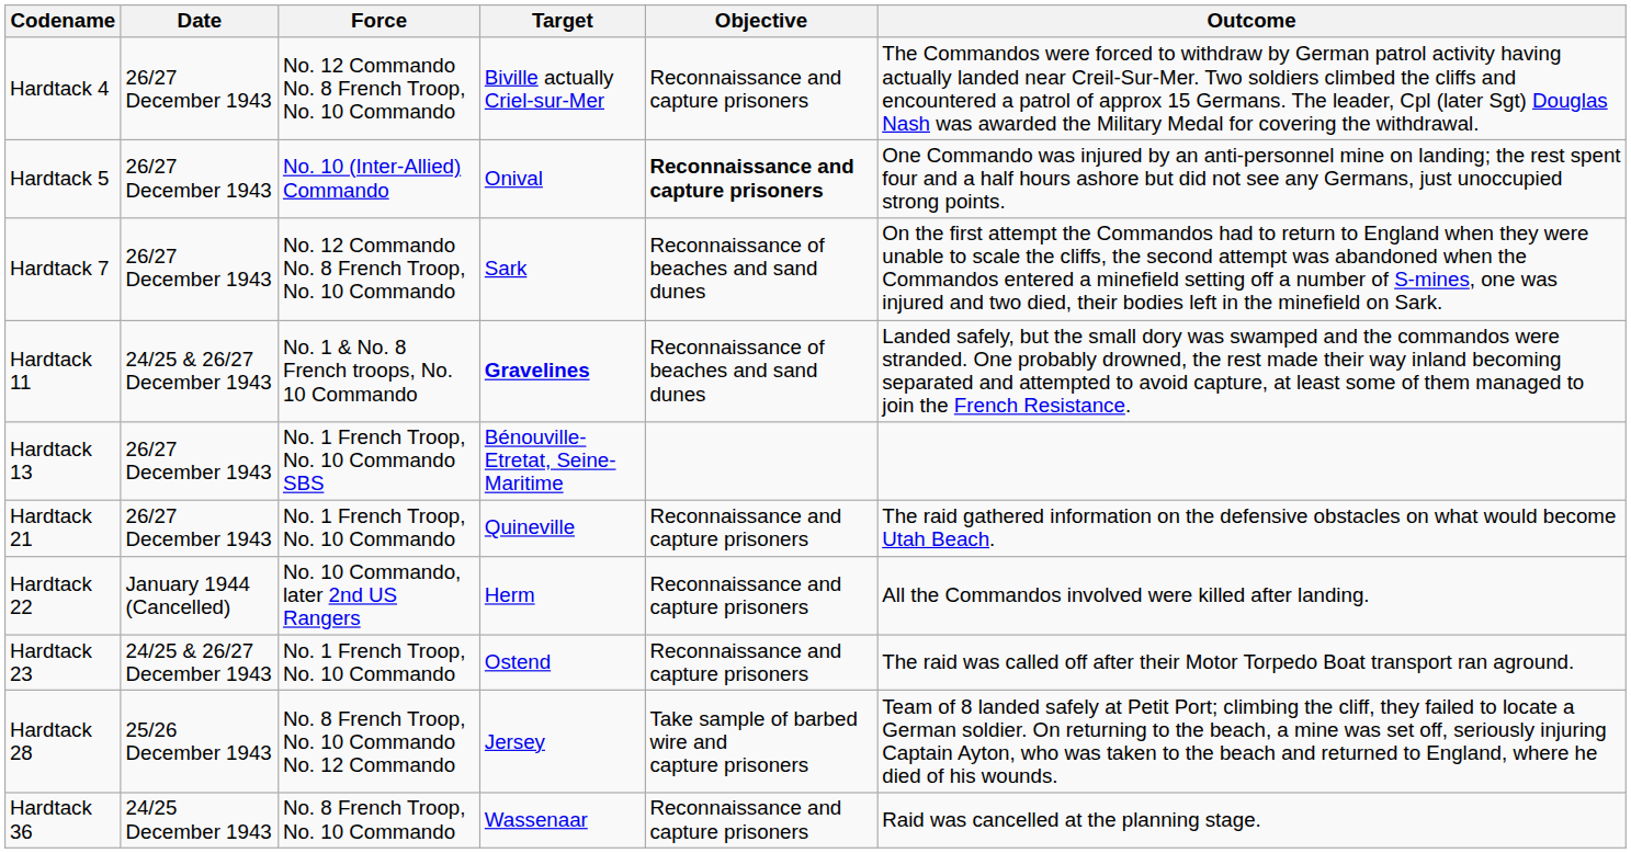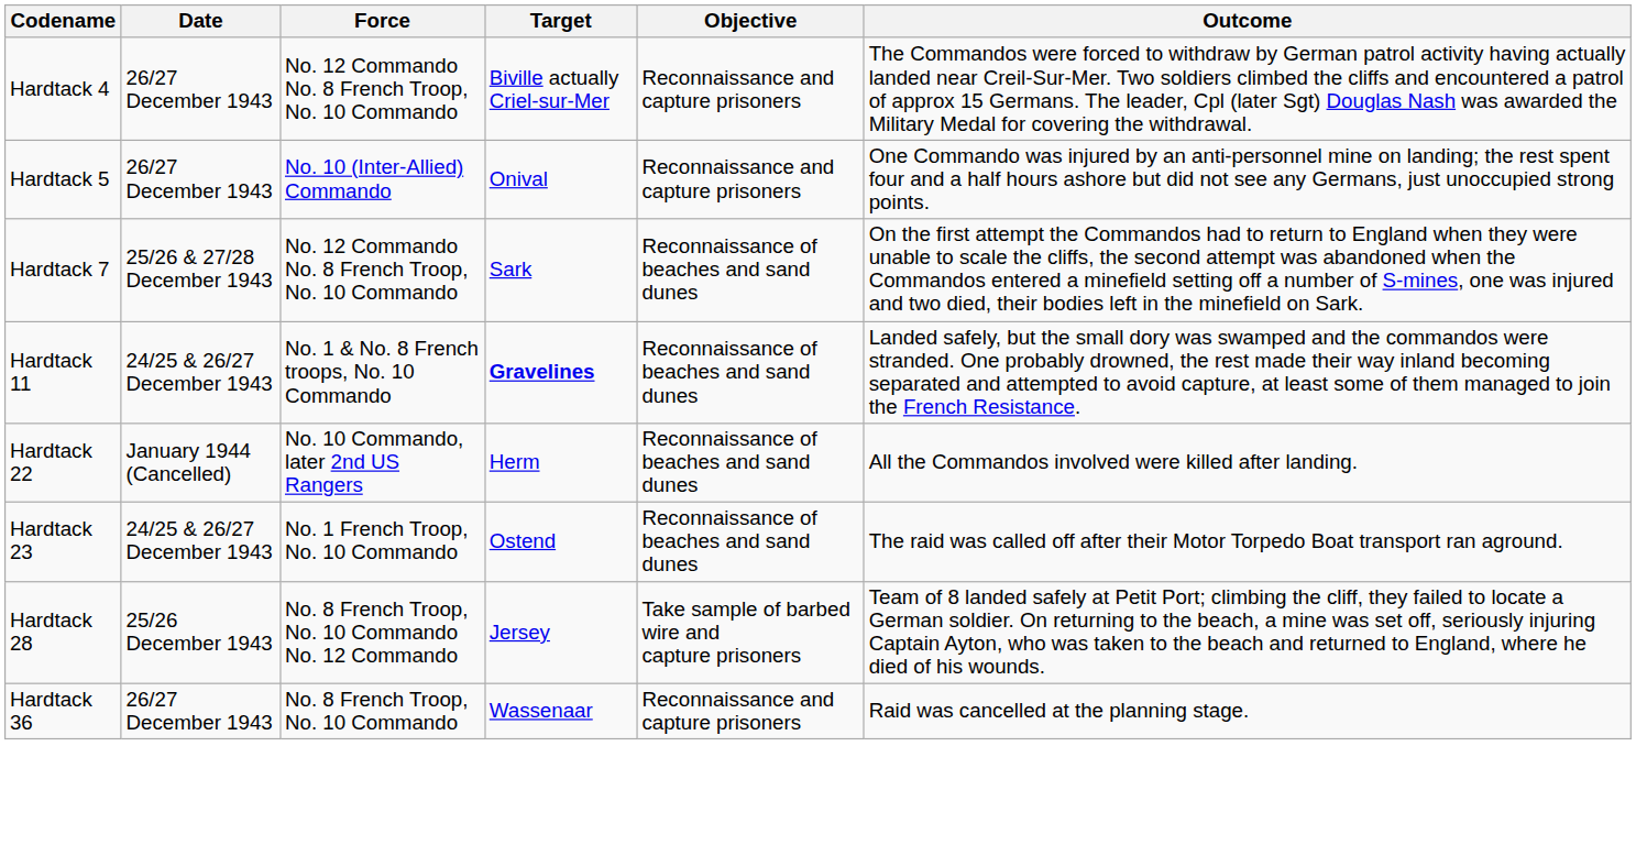 <table class="wikitable" style="width: 100%;">
 <tr>
 <th>Codename</th>
 <th>Date</th>
 <th>Force</th>
 <th>Target</th>
 <th>Objective</th>
 <th>Outcome</th>
 </tr>
 <tr style="valign:top;">
 <td>Hardtack 4</td>
 <td>26/27 December 1943</td>
 <td>No. 12 Commando<br>No. 8 French Troop, No. 10 Commando</td>
 <td><a href='#'>Biville</a> actually <a href='#'>Criel-sur-Mer</a></td>
 <td>Reconnaissance and<br> capture prisoners</td>
 <td>The Commandos were forced to withdraw by German patrol activity having actually landed near Creil-Sur-Mer. Two soldiers climbed the cliffs and encountered a patrol of approx 15 Germans. The leader, Cpl (later Sgt) <a href='#'>Douglas Nash</a> was awarded the Military Medal for covering the withdrawal.</td>
 </tr>
 <tr style="valign:top;">
 <td>Hardtack 5</td>
 <td>26/27 December 1943</td>
 <td><a href='#'>No. 10 (Inter-Allied) Commando</a></td>
 <td><a href='#'>Onival</a></td>
-<td><strong>Reconnaissance and<br> capture prisoners</strong></td>
+<td>Reconnaissance and<br> capture prisoners</td>
 <td>One Commando was injured by an anti-personnel mine on landing; the rest spent four and a half hours ashore but did not see any Germans, just unoccupied strong points.</td>
 </tr>
 <tr style="valign:top;">
 <td>Hardtack 7</td>
-<td>26/27 December 1943</td>
+<td>25/26 & 27/28 December 1943</td>
 <td>No. 12 Commando<br>No. 8 French Troop, No. 10 Commando</td>
 <td><a href='#'>Sark</a></td>
 <td>Reconnaissance of beaches and sand dunes</td>
 <td>On the first attempt the Commandos had to return to England when they were unable to scale the cliffs, the second attempt was abandoned when the Commandos entered a minefield setting off a number of <a href='#'>S-mines</a>, one was injured and two died, their bodies left in the minefield on Sark.</td>
 </tr>
 <tr style="valign:top;">
 <td>Hardtack 11</td>
 <td>24/25 & 26/27 December 1943</td>
 <td>No. 1 & No. 8 French troops, No. 10 Commando</td>
 <td><strong><a href='#'>Gravelines</a></strong></td>
 <td>Reconnaissance of beaches and sand dunes</td>
 <td>Landed safely, but the small dory was swamped and the commandos were stranded. One probably drowned, the rest made their way inland becoming separated and attempted to avoid capture, at least some of them managed to join the <a href='#'>French Resistance</a>.</td>
 </tr>
 <tr style="valign:top;">
-<td>Hardtack 13</td>
-<td>26/27 December 1943</td>
-<td>No. 1 French Troop, No. 10 Commando<br><a href='#'>SBS</a></td>
-<td><a href='#'>Bénouville-Etretat, Seine-Maritime</a></td>
-<td></td>
-<td></td>
-</tr>
-<tr style="valign:top;">
-<td>Hardtack 21</td>
-<td>26/27 December 1943</td>
-<td>No. 1 French Troop, No. 10 Commando</td>
-<td><a href='#'>Quineville</a></td>
-<td>Reconnaissance and<br> capture prisoners</td>
-<td>The raid gathered information on the defensive obstacles on what would become <a href='#'>Utah Beach</a>.</td>
-</tr>
-<tr style="valign:top;">
 <td>Hardtack 22</td>
 <td>January 1944 (Cancelled)</td>
 <td>No. 10 Commando, later <a href='#'>2nd US Rangers</a></td>
 <td><a href='#'>Herm</a></td>
-<td>Reconnaissance and<br> capture prisoners</td>
+<td>Reconnaissance of beaches and sand dunes</td>
 <td>All the Commandos involved were killed after landing.</td>
 </tr>
 <tr style="valign:top;">
 <td>Hardtack 23</td>
 <td>24/25 & 26/27 December 1943</td>
 <td>No. 1 French Troop, No. 10 Commando</td>
 <td><a href='#'>Ostend</a></td>
-<td>Reconnaissance and<br> capture prisoners</td>
+<td>Reconnaissance of beaches and sand dunes</td>
 <td>The raid was called off after their Motor Torpedo Boat transport ran aground.</td>
 </tr>
 <tr style="valign:top;">
 <td>Hardtack 28</td>
 <td>25/26 December 1943</td>
 <td>No. 8 French Troop, No. 10 Commando<br>No. 12 Commando</td>
 <td><a href='#'>Jersey</a></td>
 <td>Take sample of barbed wire and<br> capture prisoners</td>
 <td>Team of 8 landed safely at Petit Port; climbing the cliff, they failed to locate a German soldier. On returning to the beach, a mine was set off, seriously injuring Captain Ayton, who was taken to the beach and returned to England, where he died of his wounds.</td>
 </tr>
 <tr style="valign:top;">
 <td>Hardtack 36</td>
-<td>24/25 December 1943</td>
+<td>26/27 December 1943</td>
 <td>No. 8 French Troop, No. 10 Commando</td>
 <td><a href='#'>Wassenaar</a></td>
 <td>Reconnaissance and<br> capture prisoners</td>
 <td>Raid was cancelled at the planning stage.</td>
 </tr>
 </table>
